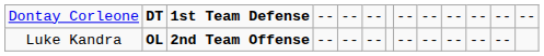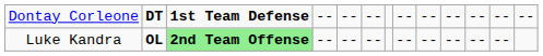 <table class="wikitable sortable sortable" style="text-align: center">
 <tr>
 <td><a href='#'>Dontay Corleone</a></td>
 <td><strong>DT</strong></td>
 <td><strong>1st Team Defense</strong></td>
 <td>--</td>
 <td>--</td>
 <td>--</td>
 <td></td>
 <td>--</td>
 <td>--</td>
 <td>--</td>
 <td>--</td>
 <td>--</td>
 <td>--</td>
 </tr>
 <tr>
 <td>Luke Kandra</td>
 <td><strong>OL</strong></td>
-<td><strong>2nd Team Offense</strong></td>
+<td style="background: lightgreen;"><strong>2nd Team Offense</strong></td>
 <td>--</td>
 <td>--</td>
 <td>--</td>
 <td></td>
 <td>--</td>
 <td>--</td>
 <td>--</td>
 <td>--</td>
 <td>--</td>
 <td></td>
 </tr>
 </table>
